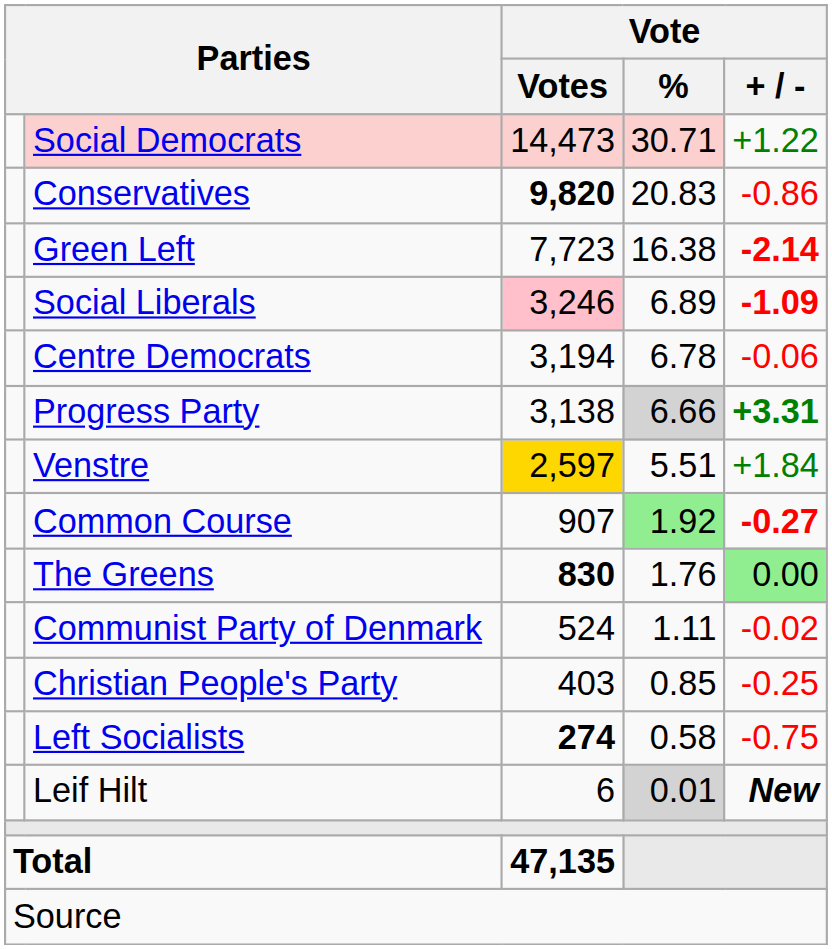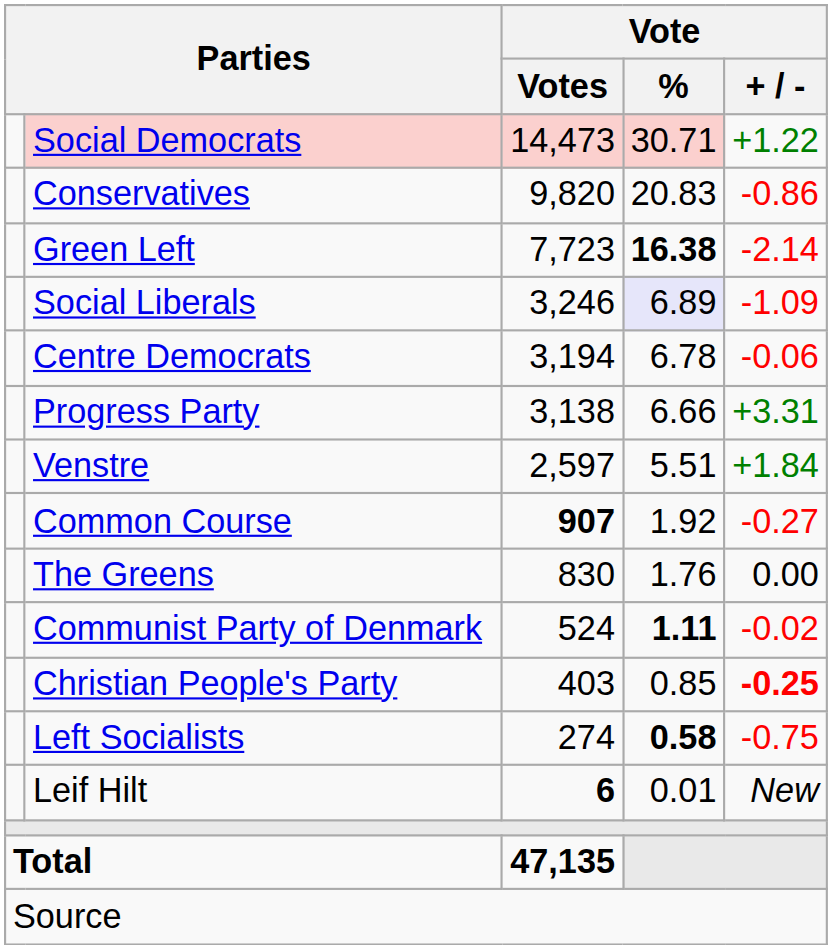 <table class="wikitable" style="text-align:right;">
 <tr>
 <th style="text-align:centre;" rowspan="2" colspan="2" width="225">Parties</th>
 <th colspan="3">Vote</th>
 </tr>
 <tr>
 <th width="15">Votes</th>
 <th width="15">%</th>
 <th width="15">+ / -</th>
 </tr>
 <tr>
 <td width="2" style="color:inherit;background:"></td>
 <td bgcolor=#fbd0ce  align="left"><a href='#'>Social Democrats</a></td>
 <td bgcolor=#fbd0ce>14,473</td>
 <td bgcolor=#fbd0ce>30.71</td>
 <td style=color:green;>+1.22</td>
 </tr>
 <tr>
 <td width="2" style="color:inherit;background:"></td>
 <td align="left"><a href='#'>Conservatives</a></td>
-<td><strong>9,820</strong></td>
+<td>9,820</td>
 <td>20.83</td>
 <td style=color:red;>-0.86</td>
 </tr>
 <tr>
 <td width="2" style="color:inherit;background:"></td>
 <td align="left"><a href='#'>Green Left</a></td>
 <td>7,723</td>
-<td>16.38</td>
-<td style=color:red;><strong>-2.14</strong></td>
+<td><strong>16.38</strong></td>
+<td style=color:red;>-2.14</td>
 </tr>
 <tr>
 <td width="2" style="color:inherit;background:"></td>
 <td align="left"><a href='#'>Social Liberals</a></td>
-<td style="background: pink;">3,246</td>
-<td>6.89</td>
-<td style=color:red;><strong>-1.09</strong></td>
+<td>3,246</td>
+<td style="background: lavender;">6.89</td>
+<td style=color:red;>-1.09</td>
 </tr>
 <tr>
 <td width="2" style="color:inherit;background:"></td>
 <td align="left"><a href='#'>Centre Democrats</a></td>
 <td>3,194</td>
 <td>6.78</td>
 <td style=color:red;>-0.06</td>
 </tr>
 <tr>
 <td width="2" style="color:inherit;background:"></td>
 <td align="left"><a href='#'>Progress Party</a></td>
 <td>3,138</td>
-<td style="background: lightgrey;">6.66</td>
-<td style=color:green;><strong>+3.31</strong></td>
+<td>6.66</td>
+<td style=color:green;>+3.31</td>
 </tr>
 <tr>
 <td width="2" style="color:inherit;background:"></td>
 <td align="left"><a href='#'>Venstre</a></td>
-<td style="background: gold;">2,597</td>
+<td>2,597</td>
 <td>5.51</td>
 <td style=color:green;>+1.84</td>
 </tr>
 <tr>
 <td width="2" style="color:inherit;background:"></td>
 <td align="left"><a href='#'>Common Course</a></td>
-<td>907</td>
-<td style="background: lightgreen;">1.92</td>
-<td style=color:red;><strong>-0.27</strong></td>
+<td><strong>907</strong></td>
+<td>1.92</td>
+<td style=color:red;>-0.27</td>
 </tr>
 <tr>
 <td width="2" style="color:inherit;background:"></td>
 <td align="left"><a href='#'>The Greens</a></td>
-<td><strong>830</strong></td>
+<td>830</td>
 <td>1.76</td>
-<td style="background: lightgreen;">0.00</td>
+<td>0.00</td>
 </tr>
 <tr>
 <td width="2" style="color:inherit;background:"></td>
 <td align="left"><a href='#'>Communist Party of Denmark</a></td>
 <td>524</td>
-<td>1.11</td>
+<td><strong>1.11</strong></td>
 <td style=color:red;>-0.02</td>
 </tr>
 <tr>
 <td width="2" style="color:inherit;background:"></td>
 <td align="left"><a href='#'>Christian People's Party</a></td>
 <td>403</td>
 <td>0.85</td>
-<td style=color:red;>-0.25</td>
+<td style=color:red;><strong>-0.25</strong></td>
 </tr>
 <tr>
 <td width="2" style="color:inherit;background:"></td>
 <td align="left"><a href='#'>Left Socialists</a></td>
-<td><strong>274</strong></td>
-<td>0.58</td>
+<td>274</td>
+<td><strong>0.58</strong></td>
 <td style=color:red;>-0.75</td>
 </tr>
 <tr>
 <td width="2" style="color:inherit;background:"></td>
 <td align="left">Leif Hilt</td>
-<td>6</td>
-<td style="background: lightgrey;">0.01</td>
-<td><strong><em>New</em></strong></td>
+<td><strong>6</strong></td>
+<td>0.01</td>
+<td><em>New</em></td>
 </tr>
 <tr>
 <td colspan="7" bgcolor="#E9E9E9"></td>
 </tr>
 <tr>
 <td align="left" colspan="2"><strong>Total</strong></td>
 <td><strong>47,135</strong></td>
 <td bgcolor="#E9E9E9" colspan="2"></td>
 </tr>
 <tr>
 <td align="left" colspan="6">Source</td>
 </tr>
 </table>
